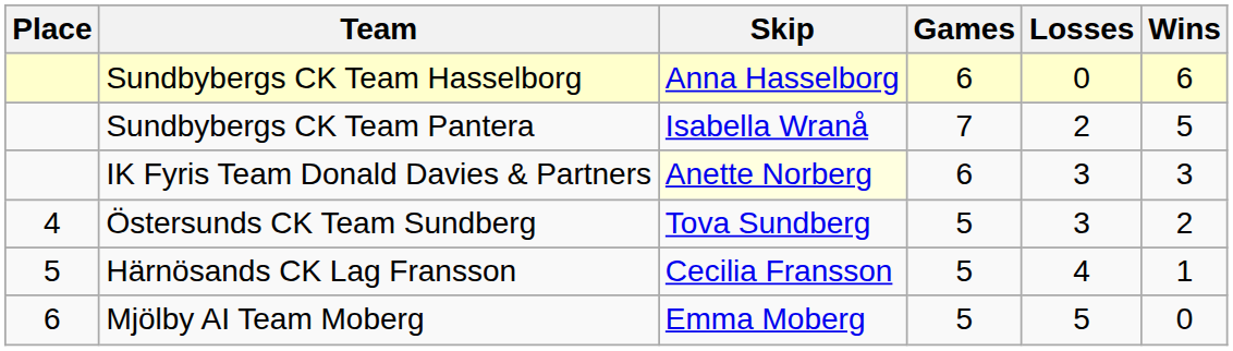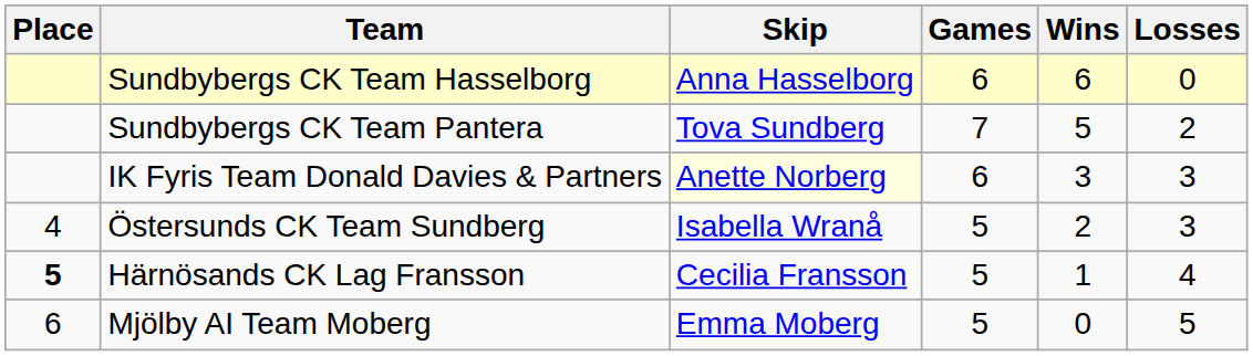 <table class="wikitable" style="text-align:center;">
 <tr>
 <th>Place</th>
 <th>Team</th>
 <th>Skip</th>
 <th>Games</th>
+<th>Wins</th>
 <th>Losses</th>
-<th>Wins</th>
 </tr>
 <tr bgcolor=#ffc>
 <td></td>
 <td align=left>Sundbybergs CK Team Hasselborg</td>
 <td align=left><a href='#'>Anna Hasselborg</a></td>
 <td>6</td>
+<td>6</td>
 <td>0</td>
-<td>6</td>
 </tr>
 <tr>
 <td></td>
 <td align=left>Sundbybergs CK Team Pantera</td>
-<td align=left><a href='#'>Isabella Wranå</a></td>
+<td align=left><a href='#'>Tova Sundberg</a></td>
 <td>7</td>
+<td>5</td>
 <td>2</td>
-<td>5</td>
 </tr>
 <tr>
 <td></td>
 <td align=left>IK Fyris Team Donald Davies & Partners</td>
 <td align=left style="background: lightyellow;"><a href='#'>Anette Norberg</a></td>
 <td>6</td>
 <td>3</td>
 <td>3</td>
 </tr>
 <tr>
 <td>4</td>
 <td align=left>Östersunds CK Team Sundberg</td>
-<td align=left><a href='#'>Tova Sundberg</a></td>
+<td align=left><a href='#'>Isabella Wranå</a></td>
 <td>5</td>
+<td>2</td>
 <td>3</td>
-<td>2</td>
 </tr>
 <tr>
-<td>5</td>
+<td><strong>5</strong></td>
 <td align=left>Härnösands CK Lag Fransson</td>
 <td align=left><a href='#'>Cecilia Fransson</a></td>
 <td>5</td>
+<td>1</td>
 <td>4</td>
-<td>1</td>
 </tr>
 <tr>
 <td>6</td>
 <td align=left>Mjölby AI Team Moberg</td>
 <td align=left><a href='#'>Emma Moberg</a></td>
 <td>5</td>
+<td>0</td>
 <td>5</td>
-<td>0</td>
 </tr>
 </table>
